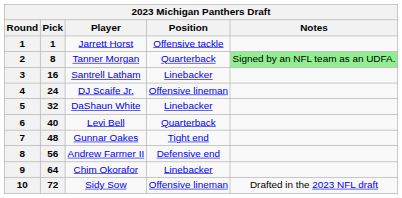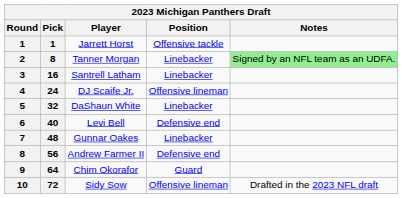 <table class="wikitable" style="text-align:center">
 <tr>
 <th colspan="5">2023 Michigan Panthers Draft</th>
 </tr>
 <tr>
 <th>Round</th>
 <th>Pick</th>
 <th>Player</th>
 <th>Position</th>
 <th>Notes</th>
 </tr>
 <tr>
 <th>1</th>
 <th>1</th>
 <td><a href='#'>Jarrett Horst</a></td>
 <td><a href='#'>Offensive tackle</a></td>
 <td></td>
 </tr>
 <tr>
 <th>2</th>
 <th>8</th>
 <td><a href='#'>Tanner Morgan</a></td>
-<td><a href='#'>Quarterback</a></td>
+<td><a href='#'>Linebacker</a></td>
 <td style="background: lightgreen;">Signed by an NFL team as an UDFA.</td>
 </tr>
 <tr>
 <th>3</th>
 <th>16</th>
 <td><a href='#'>Santrell Latham</a></td>
 <td><a href='#'>Linebacker</a></td>
 <td></td>
 </tr>
 <tr>
 <th>4</th>
 <th>24</th>
 <td><a href='#'>DJ Scaife Jr.</a></td>
 <td><a href='#'>Offensive lineman</a></td>
 <td></td>
 </tr>
 <tr>
 <th>5</th>
 <th>32</th>
 <td><a href='#'>DaShaun White</a></td>
 <td><a href='#'>Linebacker</a></td>
 <td></td>
 </tr>
 <tr>
 <th>6</th>
 <th>40</th>
 <td><a href='#'>Levi Bell</a></td>
-<td><a href='#'>Quarterback</a></td>
+<td><a href='#'>Defensive end</a></td>
 <td></td>
 </tr>
 <tr>
 <th>7</th>
 <th>48</th>
 <td><a href='#'>Gunnar Oakes</a></td>
-<td><a href='#'>Tight end</a></td>
+<td><a href='#'>Linebacker</a></td>
 <td></td>
 </tr>
 <tr>
 <th>8</th>
 <th>56</th>
 <td><a href='#'>Andrew Farmer II</a></td>
 <td><a href='#'>Defensive end</a></td>
 <td></td>
 </tr>
 <tr>
 <th>9</th>
 <th>64</th>
 <td><a href='#'>Chim Okorafor</a></td>
-<td><a href='#'>Linebacker</a></td>
+<td><a href='#'>Guard</a></td>
 <td></td>
 </tr>
 <tr>
 <th>10</th>
 <th>72</th>
 <td><a href='#'>Sidy Sow</a></td>
 <td><a href='#'>Offensive lineman</a></td>
 <td>Drafted in the <a href='#'>2023 NFL draft</a></td>
 </tr>
 </table>
